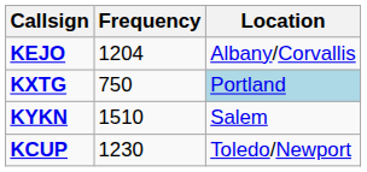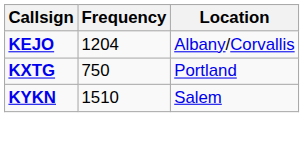 <table class="wikitable sortable">
 <tr>
 <th>Callsign</th>
 <th>Frequency</th>
 <th>Location</th>
 </tr>
 <tr>
 <td><strong><a href='#'>KEJO</a></strong></td>
 <td data-sort-value=001240>1204</td>
 <td><a href='#'>Albany</a>/<a href='#'>Corvallis</a></td>
 </tr>
 <tr>
 <td><strong><a href='#'>KXTG</a></strong></td>
 <td data-sort-value=000750>750</td>
-<td style="background: lightblue;"><a href='#'>Portland</a></td>
+<td><a href='#'>Portland</a></td>
 </tr>
 <tr>
 <td><strong><a href='#'>KYKN</a></strong></td>
 <td data-sort-value=001430>1510</td>
 <td><a href='#'>Salem</a></td>
 </tr>
-<tr>
-<td><strong><a href='#'>KCUP</a></strong></td>
-<td data-sort-value=001230>1230</td>
-<td><a href='#'>Toledo</a>/<a href='#'>Newport</a></td>
-</tr>
 </table>
